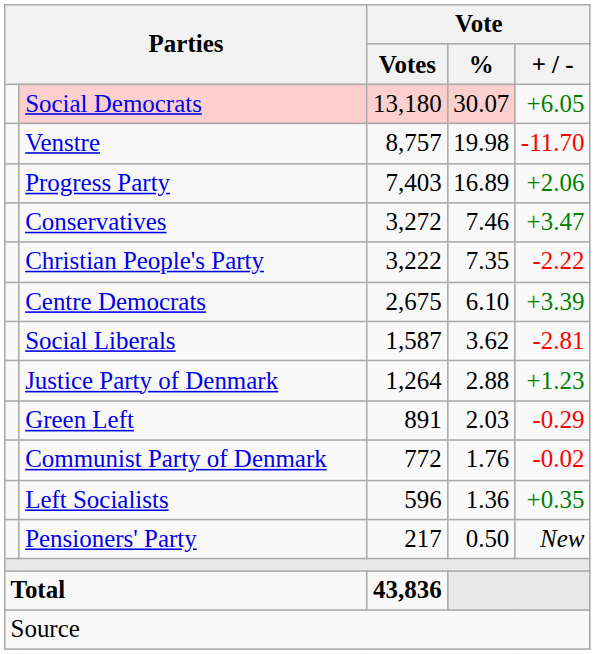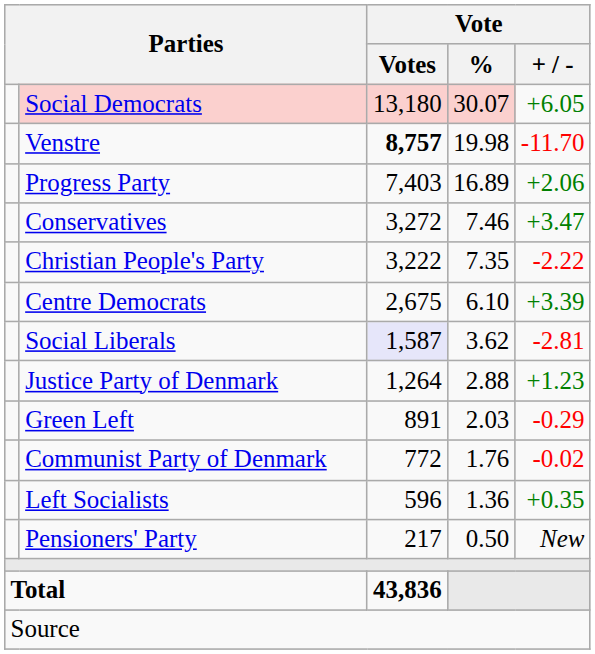 <table class="wikitable" style="text-align:right;">
 <tr>
 <th style="text-align:centre;" rowspan="2" colspan="2" width="225">Parties</th>
 <th colspan="3">Vote</th>
 </tr>
 <tr>
 <th width="15">Votes</th>
 <th width="15">%</th>
 <th width="15">+ / -</th>
 </tr>
 <tr>
 <td width="2" style="color:inherit;background:"></td>
 <td bgcolor=#fbd0ce  align="left"><a href='#'>Social Democrats</a></td>
 <td bgcolor=#fbd0ce>13,180</td>
 <td bgcolor=#fbd0ce>30.07</td>
 <td style=color:green;>+6.05</td>
 </tr>
 <tr>
 <td width="2" style="color:inherit;background:"></td>
 <td align="left"><a href='#'>Venstre</a></td>
-<td>8,757</td>
+<td><strong>8,757</strong></td>
 <td>19.98</td>
 <td style=color:red;>-11.70</td>
 </tr>
 <tr>
 <td width="2" style="color:inherit;background:"></td>
 <td align="left"><a href='#'>Progress Party</a></td>
 <td>7,403</td>
 <td>16.89</td>
 <td style=color:green;>+2.06</td>
 </tr>
 <tr>
 <td width="2" style="color:inherit;background:"></td>
 <td align="left"><a href='#'>Conservatives</a></td>
 <td>3,272</td>
 <td>7.46</td>
 <td style=color:green;>+3.47</td>
 </tr>
 <tr>
 <td width="2" style="color:inherit;background:"></td>
 <td align="left"><a href='#'>Christian People's Party</a></td>
 <td>3,222</td>
 <td>7.35</td>
 <td style=color:red;>-2.22</td>
 </tr>
 <tr>
 <td width="2" style="color:inherit;background:"></td>
 <td align="left"><a href='#'>Centre Democrats</a></td>
 <td>2,675</td>
 <td>6.10</td>
 <td style=color:green;>+3.39</td>
 </tr>
 <tr>
 <td width="2" style="color:inherit;background:"></td>
 <td align="left"><a href='#'>Social Liberals</a></td>
-<td>1,587</td>
+<td style="background: lavender;">1,587</td>
 <td>3.62</td>
 <td style=color:red;>-2.81</td>
 </tr>
 <tr>
 <td width="2" style="color:inherit;background:"></td>
 <td align="left"><a href='#'>Justice Party of Denmark</a></td>
 <td>1,264</td>
 <td>2.88</td>
 <td style=color:green;>+1.23</td>
 </tr>
 <tr>
 <td width="2" style="color:inherit;background:"></td>
 <td align="left"><a href='#'>Green Left</a></td>
 <td>891</td>
 <td>2.03</td>
 <td style=color:red;>-0.29</td>
 </tr>
 <tr>
 <td width="2" style="color:inherit;background:"></td>
 <td align="left"><a href='#'>Communist Party of Denmark</a></td>
 <td>772</td>
 <td>1.76</td>
 <td style=color:red;>-0.02</td>
 </tr>
 <tr>
 <td width="2" style="color:inherit;background:"></td>
 <td align="left"><a href='#'>Left Socialists</a></td>
 <td>596</td>
 <td>1.36</td>
 <td style=color:green;>+0.35</td>
 </tr>
 <tr>
 <td width="2" style="color:inherit;background:"></td>
 <td align="left"><a href='#'>Pensioners' Party</a></td>
 <td>217</td>
 <td>0.50</td>
 <td><em>New</em></td>
 </tr>
 <tr>
 <td colspan="7" bgcolor="#E9E9E9"></td>
 </tr>
 <tr>
 <td align="left" colspan="2"><strong>Total</strong></td>
 <td><strong>43,836</strong></td>
 <td bgcolor="#E9E9E9" colspan="2"></td>
 </tr>
 <tr>
 <td align="left" colspan="6">Source</td>
 </tr>
 </table>
